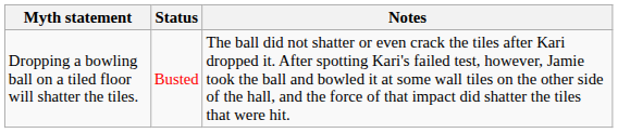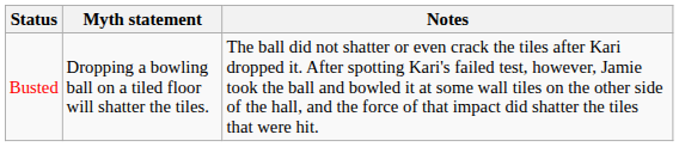 <table class="wikitable plainrowheaders">
 <tr>
+<th>Status</th>
 <th>Myth statement</th>
-<th>Status</th>
 <th>Notes</th>
 </tr>
 <tr>
+<td style="color:red">Busted</td>
 <td>Dropping a bowling ball on a tiled floor will shatter the tiles.</td>
-<td style="color:red">Busted</td>
 <td>The ball did not shatter or even crack the tiles after Kari dropped it. After spotting Kari's failed test, however, Jamie took the ball and bowled it at some wall tiles on the other side of the hall, and the force of that impact did shatter the tiles that were hit.</td>
 </tr>
 </table>
